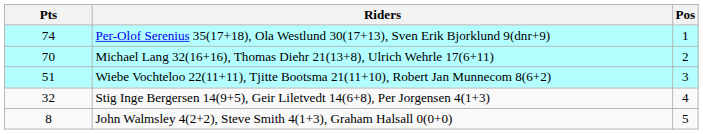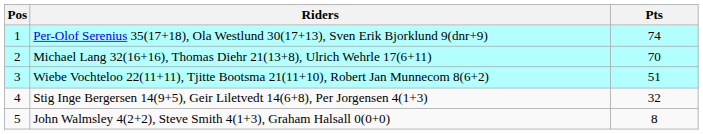 <table class="wikitable" style="font-size: 100%">
 <tr>
+<th width=20>Pos</th>
+<th width=700>Riders</th>
 <th width=100>Pts</th>
-<th width=700>Riders</th>
-<th width=20>Pos</th>
 </tr>
 <tr align=center style="background-color: #b3ffff;">
+<td>1</td>
+<td align="left"> <a href='#'>Per-Olof Serenius</a> 35(17+18), Ola Westlund 30(17+13), Sven Erik Bjorklund 9(dnr+9)</td>
 <td>74</td>
-<td align="left"> <a href='#'>Per-Olof Serenius</a> 35(17+18), Ola Westlund 30(17+13), Sven Erik Bjorklund 9(dnr+9)</td>
-<td>1</td>
 </tr>
 <tr align=center style="background-color: #b3ffff;">
+<td>2</td>
+<td align="left"> Michael Lang 32(16+16), Thomas Diehr 21(13+8), Ulrich Wehrle 17(6+11)</td>
 <td>70</td>
-<td align="left"> Michael Lang 32(16+16), Thomas Diehr 21(13+8), Ulrich Wehrle 17(6+11)</td>
-<td>2</td>
 </tr>
 <tr align=center style="background-color: #b3ffff;">
+<td>3</td>
+<td align="left"> Wiebe Vochteloo 22(11+11), Tjitte Bootsma 21(11+10), Robert Jan Munnecom 8(6+2)</td>
 <td>51</td>
-<td align="left"> Wiebe Vochteloo 22(11+11), Tjitte Bootsma 21(11+10), Robert Jan Munnecom 8(6+2)</td>
-<td>3</td>
 </tr>
 <tr align=center>
+<td>4</td>
+<td align="left"> Stig Inge Bergersen 14(9+5), Geir Liletvedt 14(6+8), Per Jorgensen 4(1+3)</td>
 <td>32</td>
-<td align="left"> Stig Inge Bergersen 14(9+5), Geir Liletvedt 14(6+8), Per Jorgensen 4(1+3)</td>
-<td>4</td>
 </tr>
 <tr align=center>
+<td>5</td>
+<td align="left"> John Walmsley 4(2+2), Steve Smith 4(1+3), Graham Halsall 0(0+0)</td>
 <td>8</td>
-<td align="left"> John Walmsley 4(2+2), Steve Smith 4(1+3), Graham Halsall 0(0+0)</td>
-<td>5</td>
 </tr>
 </table>
